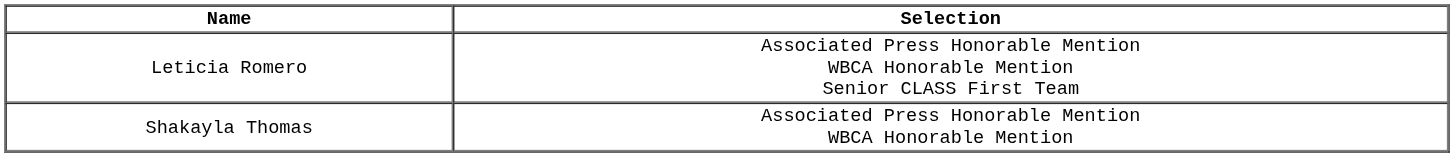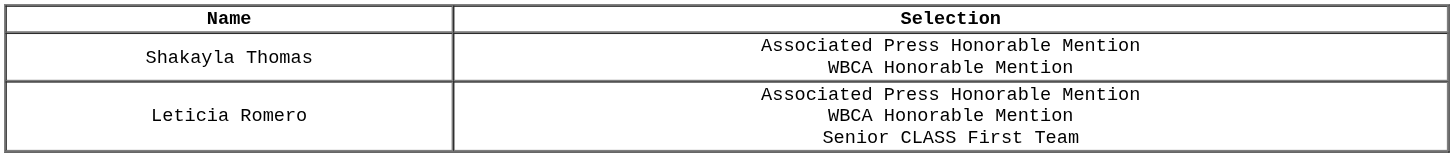 <table cellpadding="1" border="1" cellspacing="0" width="80%">
 <tr>
 <th>Name</th>
 <th>Selection</th>
 </tr>
 <tr align="center">
+<td>Shakayla Thomas</td>
+<td>Associated Press Honorable Mention<br>WBCA Honorable Mention</td>
+</tr>
+<tr align="center">
 <td>Leticia Romero</td>
 <td>Associated Press Honorable Mention<br>WBCA Honorable Mention<br>Senior CLASS First Team</td>
 </tr>
-<tr align="center">
-<td>Shakayla Thomas</td>
-<td>Associated Press Honorable Mention<br>WBCA Honorable Mention</td>
-</tr>
 </table>
